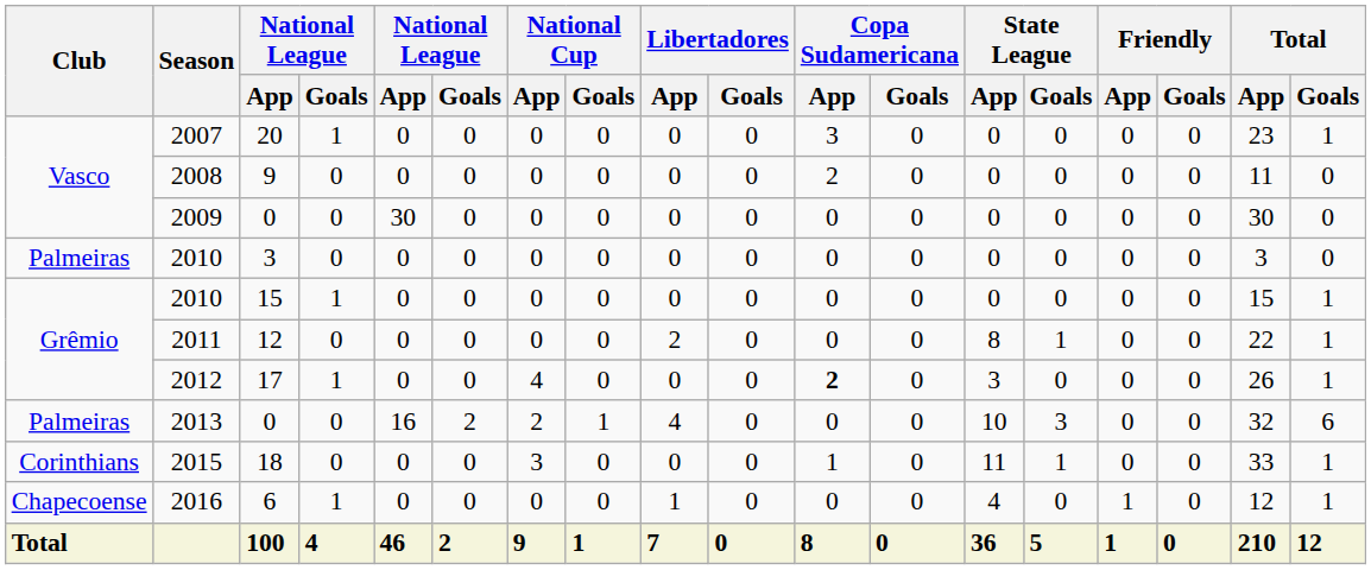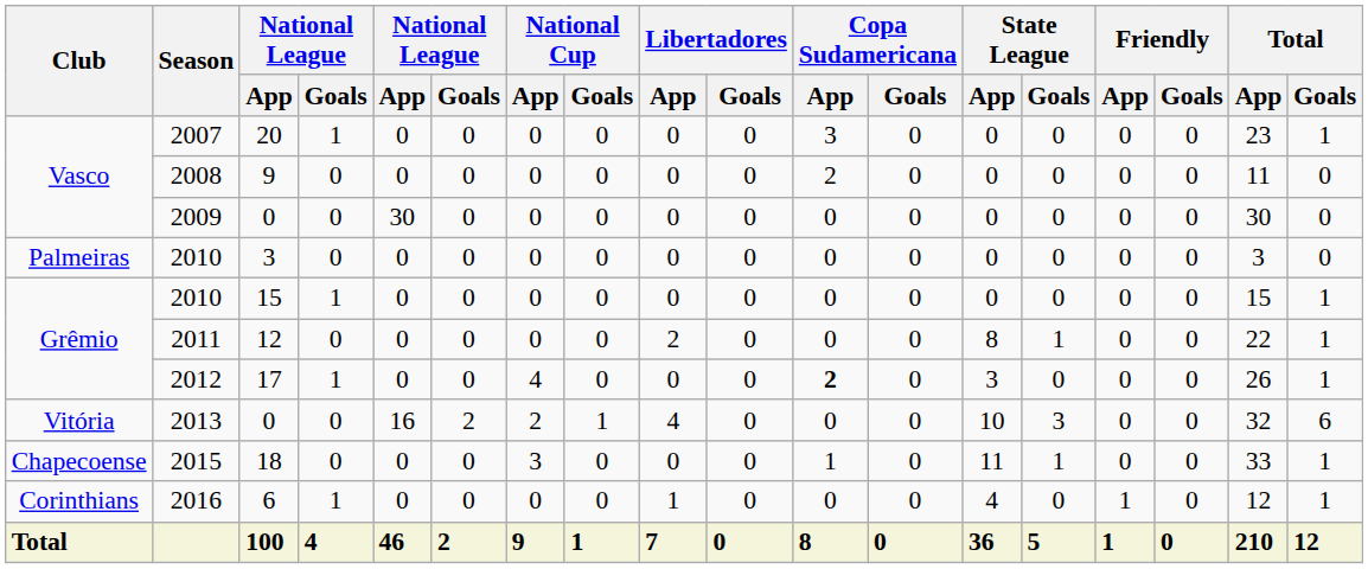 <table class="wikitable" style="text-align: center;">
 <tr>
 <th rowspan="2">Club</th>
 <th rowspan="2">Season</th>
 <th colspan="2"><a href='#'>National League</a></th>
 <th colspan="2"><a href='#'>National League</a></th>
 <th colspan="2"><a href='#'>National Cup</a></th>
 <th colspan="2"><a href='#'>Libertadores</a></th>
 <th colspan="2"><a href='#'>Copa Sudamericana</a></th>
 <th colspan="2">State League</th>
 <th colspan="2">Friendly</th>
 <th colspan="2">Total</th>
 </tr>
 <tr>
 <th>App</th>
 <th>Goals</th>
 <th>App</th>
 <th>Goals</th>
 <th>App</th>
 <th>Goals</th>
 <th>App</th>
 <th>Goals</th>
 <th>App</th>
 <th>Goals</th>
 <th>App</th>
 <th>Goals</th>
 <th>App</th>
 <th>Goals</th>
 <th>App</th>
 <th>Goals</th>
 </tr>
 <tr>
 <td rowspan="3"><a href='#'>Vasco</a></td>
 <td>2007</td>
 <td>20</td>
 <td>1</td>
 <td>0</td>
 <td>0</td>
 <td>0</td>
 <td>0</td>
 <td>0</td>
 <td>0</td>
 <td>3</td>
 <td>0</td>
 <td>0</td>
 <td>0</td>
 <td>0</td>
 <td>0</td>
 <td>23</td>
 <td>1</td>
 </tr>
 <tr>
 <td>2008</td>
 <td>9</td>
 <td>0</td>
 <td>0</td>
 <td>0</td>
 <td>0</td>
 <td>0</td>
 <td>0</td>
 <td>0</td>
 <td>2</td>
 <td>0</td>
 <td>0</td>
 <td>0</td>
 <td>0</td>
 <td>0</td>
 <td>11</td>
 <td>0</td>
 </tr>
 <tr>
 <td>2009</td>
 <td>0</td>
 <td>0</td>
 <td>30</td>
 <td>0</td>
 <td>0</td>
 <td>0</td>
 <td>0</td>
 <td>0</td>
 <td>0</td>
 <td>0</td>
 <td>0</td>
 <td>0</td>
 <td>0</td>
 <td>0</td>
 <td>30</td>
 <td>0</td>
 </tr>
 <tr>
 <td rowspan="1"><a href='#'>Palmeiras</a></td>
 <td>2010</td>
 <td>3</td>
 <td>0</td>
 <td>0</td>
 <td>0</td>
 <td>0</td>
 <td>0</td>
 <td>0</td>
 <td>0</td>
 <td>0</td>
 <td>0</td>
 <td>0</td>
 <td>0</td>
 <td>0</td>
 <td>0</td>
 <td>3</td>
 <td>0</td>
 </tr>
 <tr>
 <td rowspan="3"><a href='#'>Grêmio</a></td>
 <td>2010</td>
 <td>15</td>
 <td>1</td>
 <td>0</td>
 <td>0</td>
 <td>0</td>
 <td>0</td>
 <td>0</td>
 <td>0</td>
 <td>0</td>
 <td>0</td>
 <td>0</td>
 <td>0</td>
 <td>0</td>
 <td>0</td>
 <td>15</td>
 <td>1</td>
 </tr>
 <tr>
 <td>2011</td>
 <td>12</td>
 <td>0</td>
 <td>0</td>
 <td>0</td>
 <td>0</td>
 <td>0</td>
 <td>2</td>
 <td>0</td>
 <td>0</td>
 <td>0</td>
 <td>8</td>
 <td>1</td>
 <td>0</td>
 <td>0</td>
 <td>22</td>
 <td>1</td>
 </tr>
 <tr>
 <td>2012</td>
 <td>17</td>
 <td>1</td>
 <td>0</td>
 <td>0</td>
 <td>4</td>
 <td>0</td>
 <td>0</td>
 <td>0</td>
 <td><strong>2</strong></td>
 <td>0</td>
 <td>3</td>
 <td>0</td>
 <td>0</td>
 <td>0</td>
 <td>26</td>
 <td>1</td>
 </tr>
 <tr>
-<td rowspan="1"><a href='#'>Palmeiras</a></td>
+<td rowspan="1"><a href='#'>Vitória</a></td>
 <td>2013</td>
 <td>0</td>
 <td>0</td>
 <td>16</td>
 <td>2</td>
 <td>2</td>
 <td>1</td>
 <td>4</td>
 <td>0</td>
 <td>0</td>
 <td>0</td>
 <td>10</td>
 <td>3</td>
 <td>0</td>
 <td>0</td>
 <td>32</td>
 <td>6</td>
 </tr>
 <tr>
-<td rowspan="1"><a href='#'>Corinthians</a></td>
+<td rowspan="1"><a href='#'>Chapecoense</a></td>
 <td>2015</td>
 <td>18</td>
 <td>0</td>
 <td>0</td>
 <td>0</td>
 <td>3</td>
 <td>0</td>
 <td>0</td>
 <td>0</td>
 <td>1</td>
 <td>0</td>
 <td>11</td>
 <td>1</td>
 <td>0</td>
 <td>0</td>
 <td>33</td>
 <td>1</td>
 </tr>
 <tr>
-<td rowspan="1"><a href='#'>Chapecoense</a></td>
+<td rowspan="1"><a href='#'>Corinthians</a></td>
 <td>2016</td>
 <td>6</td>
 <td>1</td>
 <td>0</td>
 <td>0</td>
 <td>0</td>
 <td>0</td>
 <td>1</td>
 <td>0</td>
 <td>0</td>
 <td>0</td>
 <td>4</td>
 <td>0</td>
 <td>1</td>
 <td>0</td>
 <td>12</td>
 <td>1</td>
 </tr>
 <tr>
 <th style="text-align:left; background:beige;">Total</th>
 <th style="text-align:left; background:beige;"></th>
 <th style="text-align:left; background:beige;">100</th>
 <th style="text-align:left; background:beige;">4</th>
 <th style="text-align:left; background:beige;">46</th>
 <th style="text-align:left; background:beige;">2</th>
 <th style="text-align:left; background:beige;">9</th>
 <th style="text-align:left; background:beige;">1</th>
 <th style="text-align:left; background:beige;">7</th>
 <th style="text-align:left; background:beige;">0</th>
 <th style="text-align:left; background:beige;">8</th>
 <th style="text-align:left; background:beige;">0</th>
 <th style="text-align:left; background:beige;">36</th>
 <th style="text-align:left; background:beige;">5</th>
 <th style="text-align:left; background:beige;">1</th>
 <th style="text-align:left; background:beige;">0</th>
 <th style="text-align:left; background:beige;">210</th>
 <th style="text-align:left; background:beige;">12</th>
 </tr>
 </table>
